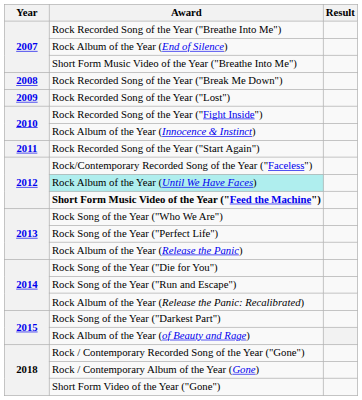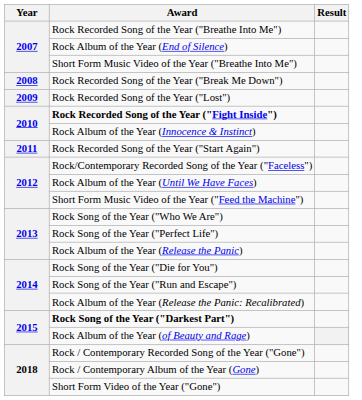 <table class="wikitable">
 <tr>
 <th style="width:60px;">Year</th>
 <th>Award</th>
 <th>Result</th>
 </tr>
 <tr>
 <th rowspan="3"><a href='#'>2007</a></th>
 <td>Rock Recorded Song of the Year ("Breathe Into Me")</td>
 <td></td>
 </tr>
 <tr>
 <td>Rock Album of the Year (<em><a href='#'>End of Silence</a></em>)</td>
 <td></td>
 </tr>
 <tr>
 <td>Short Form Music Video of the Year ("Breathe Into Me")</td>
 <td></td>
 </tr>
 <tr>
 <th><a href='#'>2008</a></th>
 <td>Rock Recorded Song of the Year ("Break Me Down")</td>
 <td></td>
 </tr>
 <tr>
 <th><a href='#'>2009</a></th>
 <td>Rock Recorded Song of the Year ("Lost")</td>
 <td></td>
 </tr>
 <tr>
 <th rowspan="2"><a href='#'>2010</a></th>
-<td>Rock Recorded Song of the Year ("<a href='#'>Fight Inside</a>")</td>
+<td><strong>Rock Recorded Song of the Year ("<a href='#'>Fight Inside</a>")</strong></td>
 <td></td>
 </tr>
 <tr>
 <td>Rock Album of the Year (<em><a href='#'>Innocence & Instinct</a></em>)</td>
 <td></td>
 </tr>
 <tr>
 <th><a href='#'>2011</a></th>
 <td>Rock Recorded Song of the Year ("Start Again")</td>
 <td></td>
 </tr>
 <tr>
 <th rowspan="3"><a href='#'>2012</a></th>
 <td>Rock/Contemporary Recorded Song of the Year ("<a href='#'>Faceless</a>")</td>
 <td></td>
 </tr>
 <tr>
-<td style="background: paleturquoise;">Rock Album of the Year (<em><a href='#'>Until We Have Faces</a></em>)</td>
+<td>Rock Album of the Year (<em><a href='#'>Until We Have Faces</a></em>)</td>
 <td></td>
 </tr>
 <tr>
-<td><strong>Short Form Music Video of the Year ("<a href='#'>Feed the Machine</a>")</strong></td>
+<td>Short Form Music Video of the Year ("<a href='#'>Feed the Machine</a>")</td>
 <td></td>
 </tr>
 <tr>
 <th rowspan="3"><a href='#'>2013</a></th>
 <td>Rock Song of the Year ("Who We Are")</td>
 <td></td>
 </tr>
 <tr>
 <td>Rock Song of the Year ("Perfect Life")</td>
 <td></td>
 </tr>
 <tr>
 <td>Rock Album of the Year (<em><a href='#'>Release the Panic</a></em>)</td>
 <td></td>
 </tr>
 <tr>
 <th rowspan="3"><a href='#'>2014</a></th>
 <td>Rock Song of the Year ("Die for You")</td>
 <td></td>
 </tr>
 <tr>
 <td>Rock Song of the Year ("Run and Escape")</td>
 <td></td>
 </tr>
 <tr>
 <td>Rock Album of the Year (<em>Release the Panic: Recalibrated</em>)</td>
 <td></td>
 </tr>
 <tr>
 <th rowspan="2"><a href='#'>2015</a></th>
-<td>Rock Song of the Year ("Darkest Part")</td>
+<td><strong>Rock Song of the Year ("Darkest Part")</strong></td>
 <td></td>
 </tr>
 <tr>
 <td>Rock Album of the Year (<em><a href='#'>of Beauty and Rage</a></em>)</td>
 <th></th>
 </tr>
 <tr>
 <th rowspan="3">2018</th>
 <td>Rock / Contemporary Recorded Song of the Year ("Gone")</td>
 <td></td>
 </tr>
 <tr>
 <td>Rock / Contemporary Album of the Year (<em><a href='#'>Gone</a></em>)</td>
 <td></td>
 </tr>
 <tr>
 <td>Short Form Video of the Year ("Gone")</td>
 <td></td>
 </tr>
 </table>
